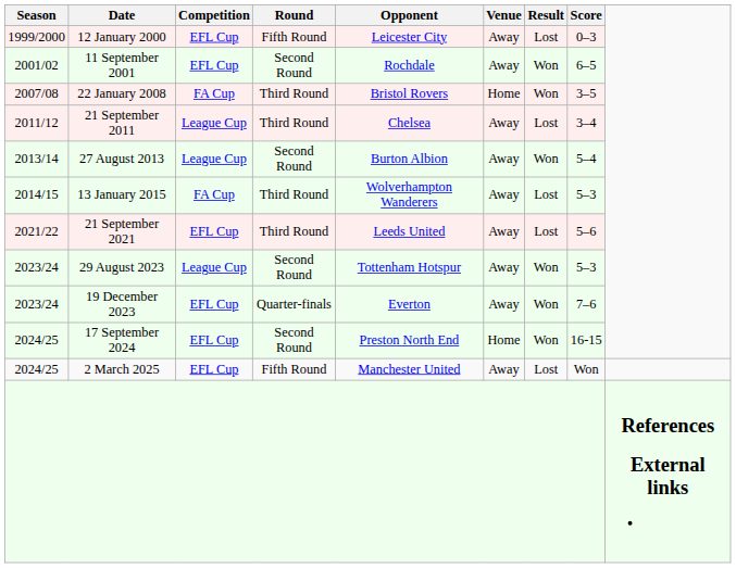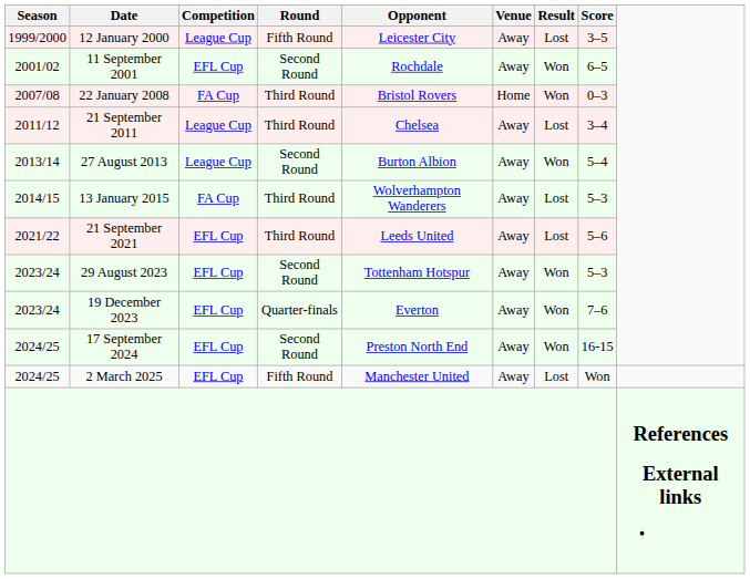 <table class="wikitable " style="text-align: center;">
 <tr>
 <th style="width: 3em;">Season</th>
 <th>Date</th>
 <th>Competition</th>
 <th>Round</th>
 <th>Opponent</th>
 <th>Venue</th>
 <th>Result</th>
 <th>Score</th>
 </tr>
 <tr bgcolor = "#FFEEEE">
 <td>1999/2000</td>
 <td>12 January 2000</td>
-<td><a href='#'>EFL Cup</a></td>
+<td><a href='#'>League Cup</a></td>
 <td>Fifth Round</td>
 <td><a href='#'>Leicester City</a></td>
 <td>Away</td>
 <td>Lost</td>
-<td>0–3</td>
+<td>3–5</td>
 </tr>
 <tr bgcolor = "#EEFFEE">
 <td>2001/02</td>
 <td>11 September 2001</td>
 <td><a href='#'>EFL Cup</a></td>
 <td>Second Round</td>
 <td><a href='#'>Rochdale</a></td>
 <td>Away</td>
 <td>Won</td>
 <td>6–5</td>
 </tr>
 <tr bgcolor = "#FFEEEE">
 <td>2007/08</td>
 <td>22 January 2008</td>
 <td><a href='#'>FA Cup</a></td>
 <td>Third Round</td>
 <td><a href='#'>Bristol Rovers</a></td>
 <td>Home</td>
 <td>Won</td>
-<td>3–5</td>
+<td>0–3</td>
 </tr>
 <tr bgcolor = "#FFEEEE">
 <td>2011/12</td>
 <td>21 September 2011</td>
 <td><a href='#'>League Cup</a></td>
 <td>Third Round</td>
 <td><a href='#'>Chelsea</a></td>
 <td>Away</td>
 <td>Lost</td>
 <td>3–4</td>
 </tr>
 <tr bgcolor = "#EEFFEE">
 <td>2013/14</td>
 <td>27 August 2013</td>
 <td><a href='#'>League Cup</a></td>
 <td>Second Round</td>
 <td><a href='#'>Burton Albion</a></td>
 <td>Away</td>
 <td>Won</td>
 <td>5–4</td>
 </tr>
 <tr bgcolor = "#EEFFEE">
 <td>2014/15</td>
 <td>13 January 2015</td>
 <td><a href='#'>FA Cup</a></td>
 <td>Third Round</td>
 <td><a href='#'>Wolverhampton Wanderers</a></td>
 <td>Away</td>
 <td>Lost</td>
 <td>5–3</td>
 </tr>
 <tr bgcolor = "#FFEEEE">
 <td>2021/22</td>
 <td>21 September 2021</td>
 <td><a href='#'>EFL Cup</a></td>
 <td>Third Round</td>
 <td><a href='#'>Leeds United</a></td>
 <td>Away</td>
 <td>Lost</td>
 <td>5–6</td>
 </tr>
 <tr bgcolor = "#EEFFEE">
 <td>2023/24</td>
 <td>29 August 2023</td>
-<td><a href='#'>League Cup</a></td>
+<td><a href='#'>EFL Cup</a></td>
 <td>Second Round</td>
 <td><a href='#'>Tottenham Hotspur</a></td>
 <td>Away</td>
 <td>Won</td>
 <td>5–3</td>
 </tr>
 <tr bgcolor = "#EEFFEE">
 <td>2023/24</td>
 <td>19 December 2023</td>
 <td><a href='#'>EFL Cup</a></td>
 <td>Quarter-finals</td>
 <td><a href='#'>Everton</a></td>
 <td>Away</td>
 <td>Won</td>
 <td>7–6</td>
 </tr>
 <tr bgcolor = "#EEFFEE">
 <td>2024/25</td>
 <td>17 September 2024</td>
 <td><a href='#'>EFL Cup</a></td>
 <td>Second Round</td>
 <td><a href='#'>Preston North End</a></td>
-<td>Home</td>
+<td>Away</td>
 <td>Won</td>
 <td>16-15</td>
 </tr>
 <tr>
 <td>2024/25</td>
 <td>2 March 2025</td>
 <td><a href='#'>EFL Cup</a></td>
 <td>Fifth Round</td>
 <td><a href='#'>Manchester United</a></td>
 <td>Away</td>
 <td>Lost</td>
 <td>Won</td>
 <td></td>
 </tr>
 <tr bgcolor="#EEFFEE">
 <td colspan="8"></td>
 <td><br><h2>References</h2><h2>External links</h2><ul><li></li></ul> <br>   </td>
 </tr>
 </table>
